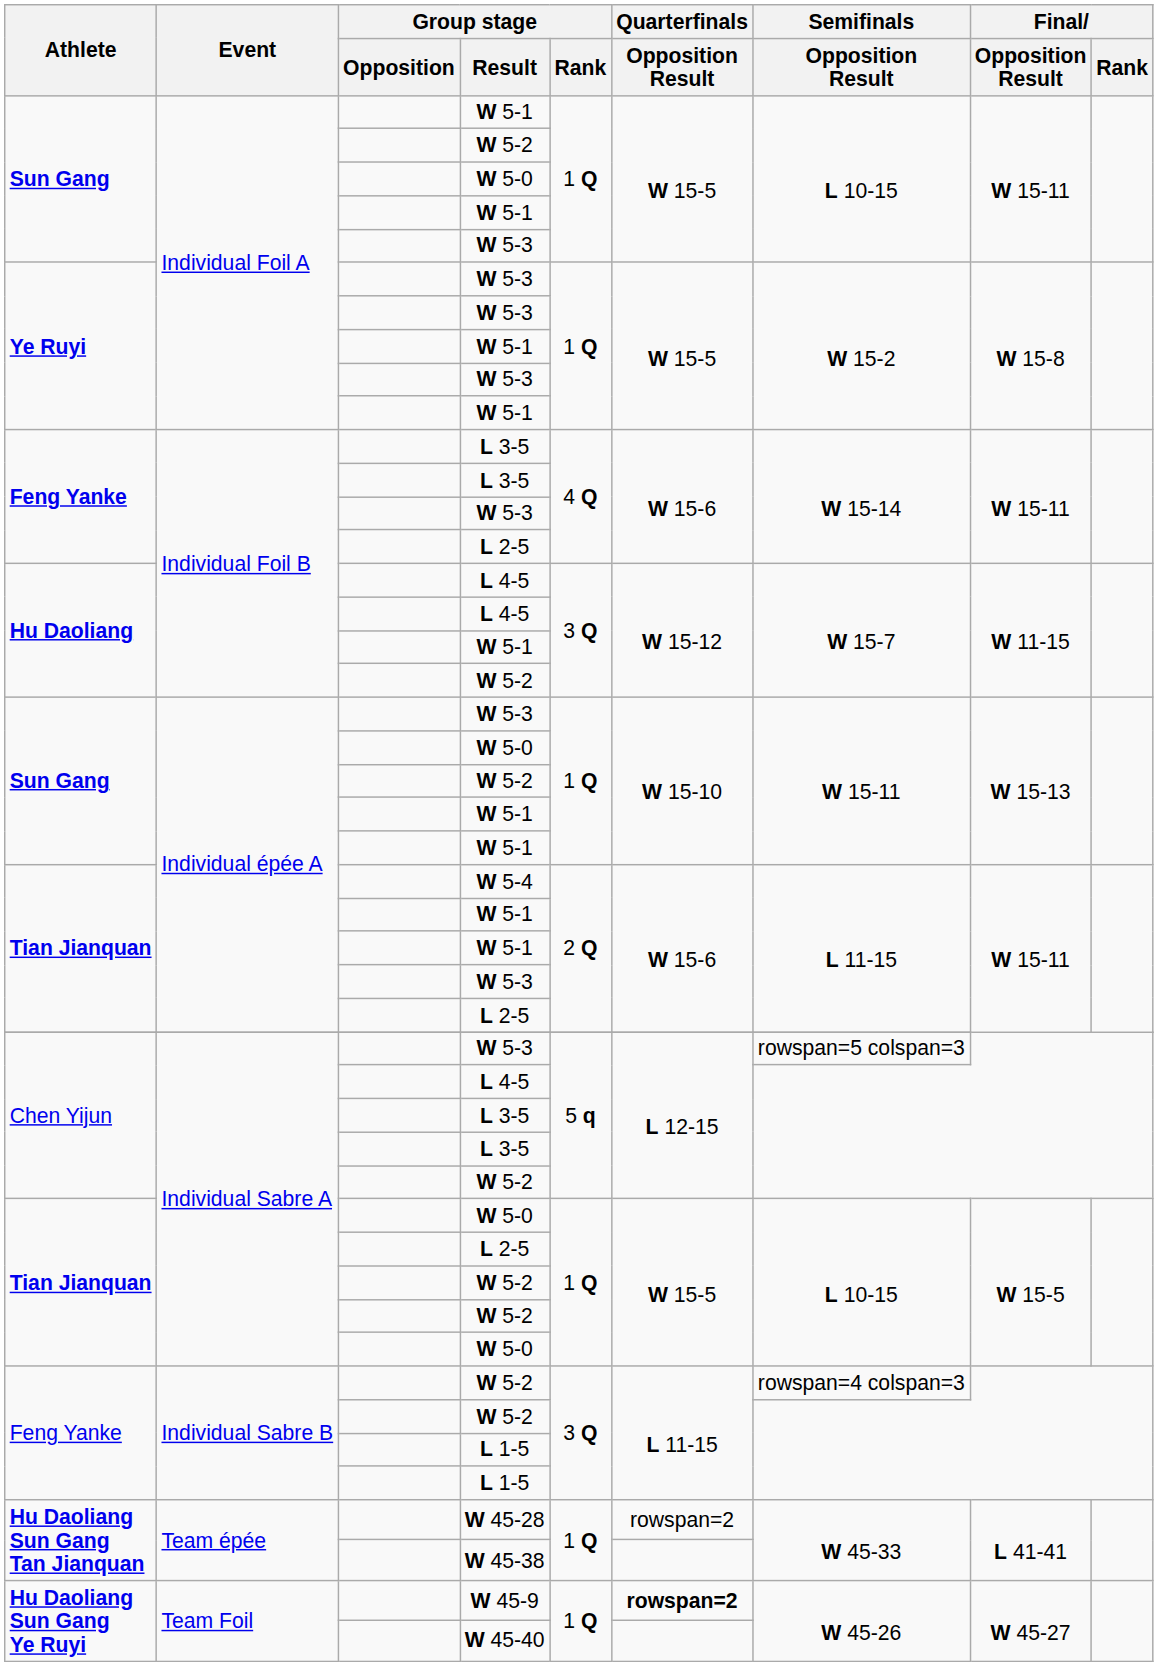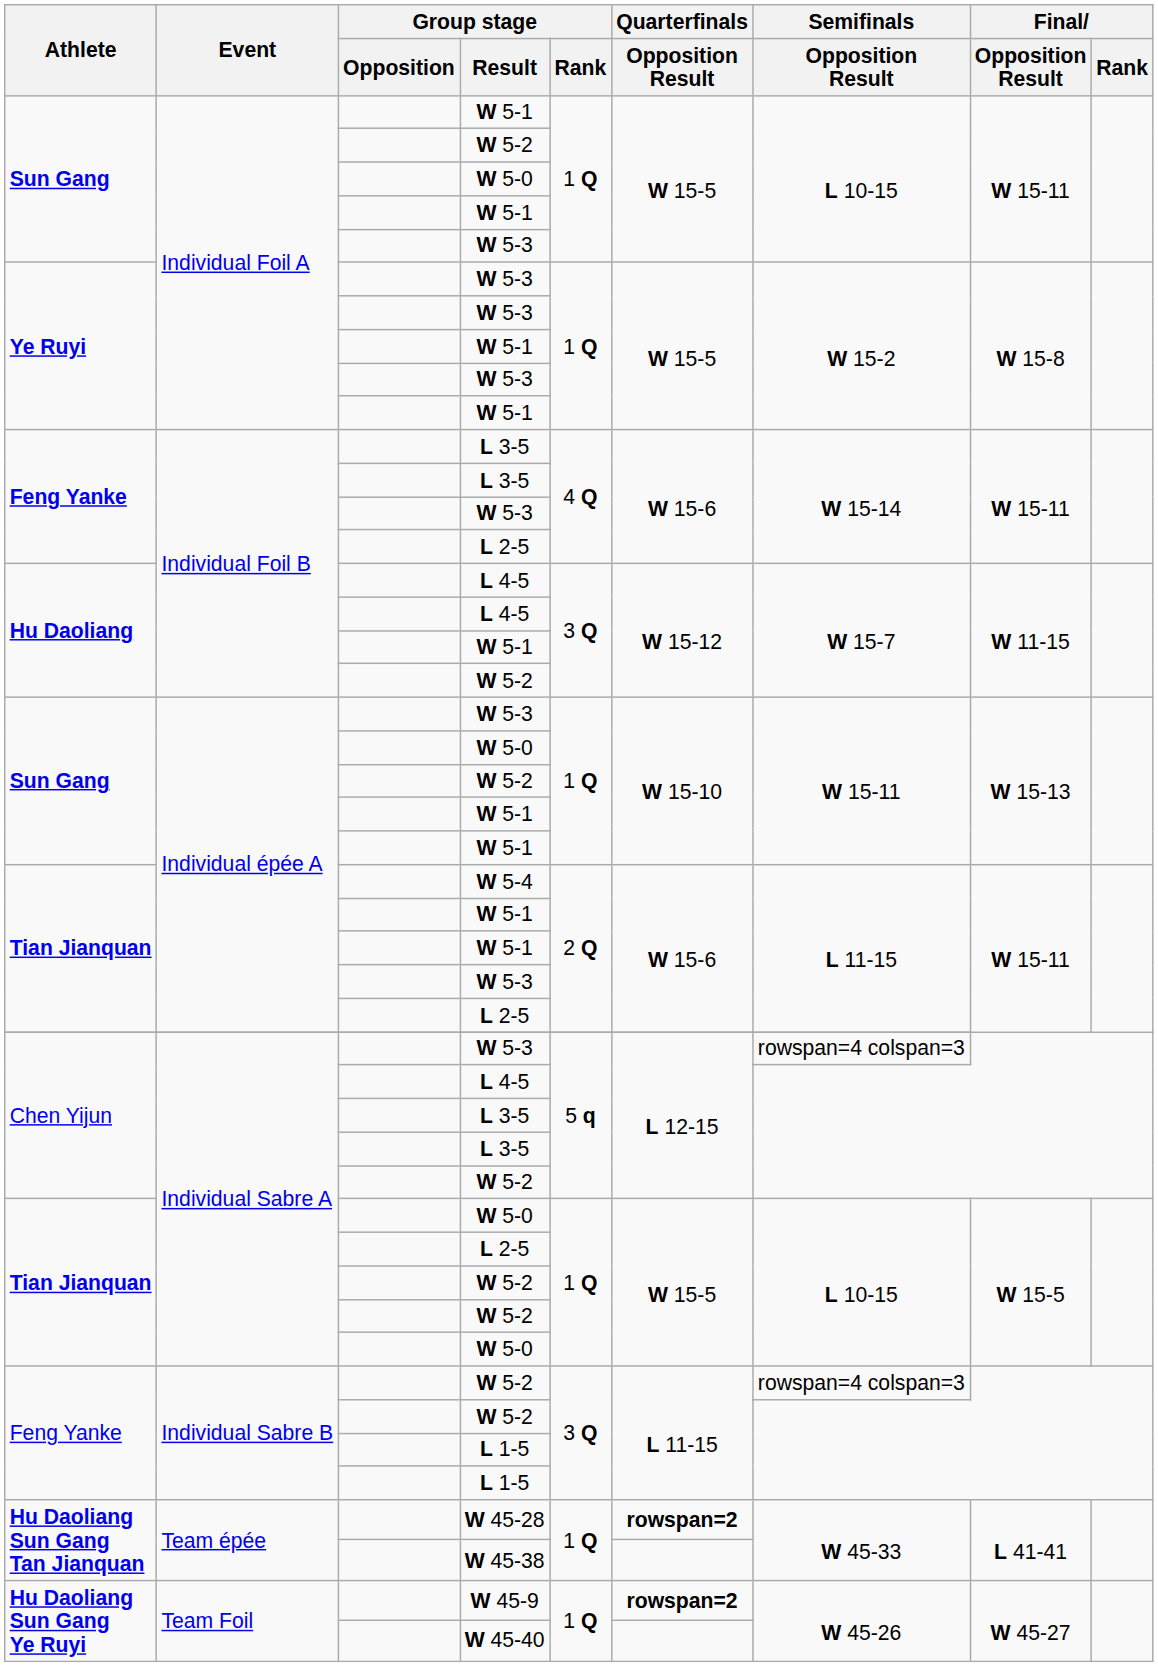 <table class=wikitable style="text-align: center; font-size:90%">
 <tr>
 <th rowspan="2">Athlete</th>
 <th rowspan="2">Event</th>
 <th colspan="3">Group stage</th>
 <th>Quarterfinals</th>
 <th>Semifinals</th>
 <th colspan="2">Final/</th>
 </tr>
 <tr>
 <th>Opposition</th>
 <th>Result</th>
 <th>Rank</th>
 <th>Opposition<br>Result</th>
 <th>Opposition<br>Result</th>
 <th>Opposition<br>Result</th>
 <th>Rank</th>
 </tr>
 <tr>
 <td align=left rowspan=5><strong><a href='#'>Sun Gang</a></strong></td>
 <td align=left rowspan=10><a href='#'>Individual Foil A</a></td>
 <td></td>
 <td><strong>W</strong> 5-1</td>
 <td rowspan=5>1 <strong>Q</strong></td>
 <td rowspan=5><br><strong>W</strong> 15-5</td>
 <td rowspan=5><br><strong>L</strong> 10-15</td>
 <td rowspan=5><br><strong>W</strong> 15-11</td>
 <td rowspan=5></td>
 </tr>
 <tr>
 <td></td>
 <td><strong>W</strong> 5-2</td>
 </tr>
 <tr>
 <td></td>
 <td><strong>W</strong> 5-0</td>
 </tr>
 <tr>
 <td></td>
 <td><strong>W</strong> 5-1</td>
 </tr>
 <tr>
 <td></td>
 <td><strong>W</strong> 5-3</td>
 </tr>
 <tr align=center>
 <td align=left rowspan=5><strong><a href='#'>Ye Ruyi</a></strong></td>
 <td></td>
 <td><strong>W</strong> 5-3</td>
 <td rowspan=5>1 <strong>Q</strong></td>
 <td rowspan=5><br><strong>W</strong> 15-5</td>
 <td rowspan=5><br><strong>W</strong> 15-2</td>
 <td rowspan=5><br><strong>W</strong> 15-8</td>
 <td rowspan=5></td>
 </tr>
 <tr>
 <td></td>
 <td><strong>W</strong> 5-3</td>
 </tr>
 <tr>
 <td></td>
 <td><strong>W</strong> 5-1</td>
 </tr>
 <tr>
 <td></td>
 <td><strong>W</strong> 5-3</td>
 </tr>
 <tr>
 <td></td>
 <td><strong>W</strong> 5-1</td>
 </tr>
 <tr>
 <td align=left rowspan=4><strong><a href='#'>Feng Yanke</a></strong></td>
 <td align=left rowspan=8><a href='#'>Individual Foil B</a></td>
 <td></td>
 <td><strong>L</strong> 3-5</td>
 <td rowspan=4>4 <strong>Q</strong></td>
 <td rowspan=4><br><strong>W</strong> 15-6</td>
 <td rowspan=4><br><strong>W</strong> 15-14</td>
 <td rowspan=4><br><strong>W</strong> 15-11</td>
 <td rowspan=4></td>
 </tr>
 <tr>
 <td></td>
 <td><strong>L</strong> 3-5</td>
 </tr>
 <tr>
 <td></td>
 <td><strong>W</strong> 5-3</td>
 </tr>
 <tr>
 <td></td>
 <td><strong>L</strong> 2-5</td>
 </tr>
 <tr align=center>
 <td align=left rowspan=4><strong><a href='#'>Hu Daoliang</a></strong></td>
 <td></td>
 <td><strong>L</strong> 4-5</td>
 <td rowspan=4>3 <strong>Q</strong></td>
 <td rowspan=4><br><strong>W</strong> 15-12</td>
 <td rowspan=4><br><strong>W</strong> 15-7</td>
 <td rowspan=4><br><strong>W</strong> 11-15</td>
 <td rowspan=4></td>
 </tr>
 <tr>
 <td></td>
 <td><strong>L</strong> 4-5</td>
 </tr>
 <tr>
 <td></td>
 <td><strong>W</strong> 5-1</td>
 </tr>
 <tr>
 <td></td>
 <td><strong>W</strong> 5-2</td>
 </tr>
 <tr>
 <td align=left rowspan=5><strong><a href='#'>Sun Gang</a></strong></td>
 <td align=left rowspan=10><a href='#'>Individual épée  A</a></td>
 <td></td>
 <td><strong>W</strong> 5-3</td>
 <td rowspan=5>1 <strong>Q</strong></td>
 <td rowspan=5><br><strong>W</strong> 15-10</td>
 <td rowspan=5><br><strong>W</strong> 15-11</td>
 <td rowspan=5><br><strong>W</strong> 15-13</td>
 <td rowspan=5></td>
 </tr>
 <tr>
 <td></td>
 <td><strong>W</strong> 5-0</td>
 </tr>
 <tr>
 <td></td>
 <td><strong>W</strong> 5-2</td>
 </tr>
 <tr>
 <td></td>
 <td><strong>W</strong> 5-1</td>
 </tr>
 <tr>
 <td></td>
 <td><strong>W</strong> 5-1</td>
 </tr>
 <tr align=center>
 <td align=left rowspan=5><strong><a href='#'>Tian Jianquan</a></strong></td>
 <td></td>
 <td><strong>W</strong> 5-4</td>
 <td rowspan=5>2 <strong>Q</strong></td>
 <td rowspan=5><br><strong>W</strong> 15-6</td>
 <td rowspan=5><br><strong>L</strong> 11-15</td>
 <td rowspan=5><br><strong>W</strong> 15-11</td>
 <td rowspan=5></td>
 </tr>
 <tr>
 <td></td>
 <td><strong>W</strong> 5-1</td>
 </tr>
 <tr>
 <td></td>
 <td><strong>W</strong> 5-1</td>
 </tr>
 <tr>
 <td></td>
 <td><strong>W</strong> 5-3</td>
 </tr>
 <tr>
 <td></td>
 <td><strong>L</strong> 2-5</td>
 </tr>
 <tr>
 </tr>
 <tr>
 <td align=left rowspan=5><a href='#'>Chen Yijun</a></td>
 <td align=left rowspan=10><a href='#'>Individual Sabre A</a></td>
 <td></td>
 <td><strong>W</strong> 5-3</td>
 <td rowspan=5>5 <strong>q</strong></td>
 <td rowspan=5><br><strong>L</strong> 12-15</td>
-<td>rowspan=5 colspan=3 </td>
+<td>rowspan=4 colspan=3 </td>
 </tr>
 <tr>
 <td></td>
 <td><strong>L</strong> 4-5</td>
 </tr>
 <tr>
 <td></td>
 <td><strong>L</strong> 3-5</td>
 </tr>
 <tr>
 <td></td>
 <td><strong>L</strong> 3-5</td>
 </tr>
 <tr>
 <td></td>
 <td><strong>W</strong> 5-2</td>
 </tr>
 <tr align=center>
 <td align=left rowspan=5><strong><a href='#'>Tian Jianquan</a></strong></td>
 <td></td>
 <td><strong>W</strong> 5-0</td>
 <td rowspan=5>1 <strong>Q</strong></td>
 <td rowspan=5><br><strong>W</strong> 15-5</td>
 <td rowspan=5><br><strong>L</strong> 10-15</td>
 <td rowspan=5><br><strong>W</strong> 15-5</td>
 <td rowspan=5></td>
 </tr>
 <tr>
 <td></td>
 <td><strong>L</strong> 2-5</td>
 </tr>
 <tr>
 <td></td>
 <td><strong>W</strong> 5-2</td>
 </tr>
 <tr>
 <td></td>
 <td><strong>W</strong> 5-2</td>
 </tr>
 <tr>
 <td></td>
 <td><strong>W</strong> 5-0</td>
 </tr>
 <tr>
 <td align=left rowspan=4><a href='#'>Feng Yanke</a></td>
 <td align=left rowspan=4><a href='#'>Individual Sabre B</a></td>
 <td></td>
 <td><strong>W</strong> 5-2</td>
 <td rowspan=4>3 <strong>Q</strong></td>
 <td rowspan=4><br><strong>L</strong> 11-15</td>
 <td>rowspan=4 colspan=3 </td>
 </tr>
 <tr>
 <td></td>
 <td><strong>W</strong> 5-2</td>
 </tr>
 <tr>
 <td></td>
 <td><strong>L</strong> 1-5</td>
 </tr>
 <tr>
 <td></td>
 <td><strong>L</strong> 1-5</td>
 </tr>
 <tr>
 <td align=left rowspan=2><strong><a href='#'>Hu Daoliang</a><br><a href='#'>Sun Gang</a><br><a href='#'>Tan Jianquan</a></strong></td>
 <td align=left rowspan=2><a href='#'>Team épée</a></td>
 <td></td>
 <td><strong>W</strong> 45-28</td>
 <td rowspan=2>1 <strong>Q</strong></td>
-<td>rowspan=2</td>
+<td><strong>rowspan=2</strong></td>
 <td rowspan=2><br><strong>W</strong> 45-33</td>
 <td rowspan=2><br><strong>L</strong> 41-41</td>
 <td rowspan=2></td>
 </tr>
 <tr>
 <td></td>
 <td><strong>W</strong> 45-38</td>
 </tr>
 <tr>
 <td align=left rowspan=2><strong><a href='#'>Hu Daoliang</a><br><a href='#'>Sun Gang</a><br><a href='#'>Ye Ruyi</a></strong></td>
 <td align=left rowspan=2><a href='#'>Team Foil</a></td>
 <td></td>
 <td><strong>W</strong> 45-9</td>
 <td rowspan=2>1 <strong>Q</strong></td>
 <td><strong>rowspan=2</strong></td>
 <td rowspan=2><br><strong>W</strong> 45-26</td>
 <td rowspan=2><br><strong>W</strong> 45-27</td>
 <td rowspan=2></td>
 </tr>
 <tr>
 <td></td>
 <td><strong>W</strong> 45-40</td>
 </tr>
 </table>
